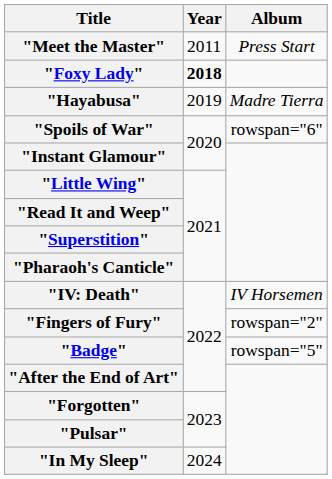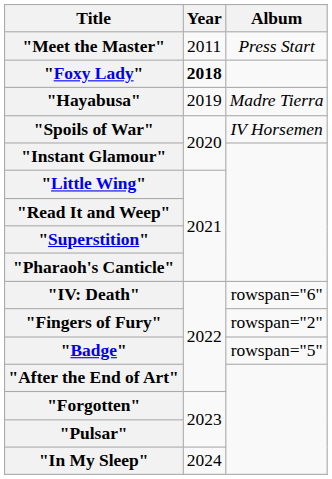 <table class="wikitable plainrowheaders" style="text-align:center;">
 <tr>
 <th scope="col">Title</th>
 <th scope="col">Year</th>
 <th scope="col">Album</th>
 </tr>
 <tr>
 <th scope="row">"Meet the Master"<br></th>
 <td>2011</td>
 <td><em>Press Start</em></td>
 </tr>
 <tr>
 <th scope="row">"<a href='#'>Foxy Lady</a>"<br></th>
 <td><strong>2018</strong></td>
 </tr>
 <tr>
 <th scope="row">"Hayabusa"<br></th>
 <td>2019</td>
 <td><em>Madre Tierra</em></td>
 </tr>
 <tr>
 <th scope="row">"Spoils of War"<br></th>
 <td rowspan="2">2020</td>
-<td>rowspan="6" </td>
+<td><em>IV Horsemen</em></td>
 </tr>
 <tr>
 <th scope="row">"Instant Glamour"<br></th>
 </tr>
 <tr>
 <th scope="row">"<a href='#'>Little Wing</a>"<br></th>
 <td rowspan="4">2021</td>
 </tr>
 <tr>
 <th scope="row">"Read It and Weep"<br></th>
 </tr>
 <tr>
 <th scope="row">"<a href='#'>Superstition</a>"<br></th>
 </tr>
 <tr>
 <th scope="row">"Pharaoh's Canticle"<br></th>
 </tr>
 <tr>
 <th scope="row">"IV: Death"<br></th>
 <td rowspan="4">2022</td>
-<td><em>IV Horsemen</em></td>
+<td>rowspan="6" </td>
 </tr>
 <tr>
 <th scope="row">"Fingers of Fury"<br></th>
 <td>rowspan="2" </td>
 </tr>
 <tr>
 <th scope="row">"<a href='#'>Badge</a>"<br></th>
 <td>rowspan="5" </td>
 </tr>
 <tr>
 <th scope="row">"After the End of Art"<br></th>
 </tr>
 <tr>
 <th scope="row">"Forgotten"<br></th>
 <td rowspan="2">2023</td>
 </tr>
 <tr>
 <th scope="row">"Pulsar"<br></th>
 </tr>
 <tr>
 <th scope="row">"In My Sleep"<br></th>
 <td>2024</td>
 </tr>
 </table>
